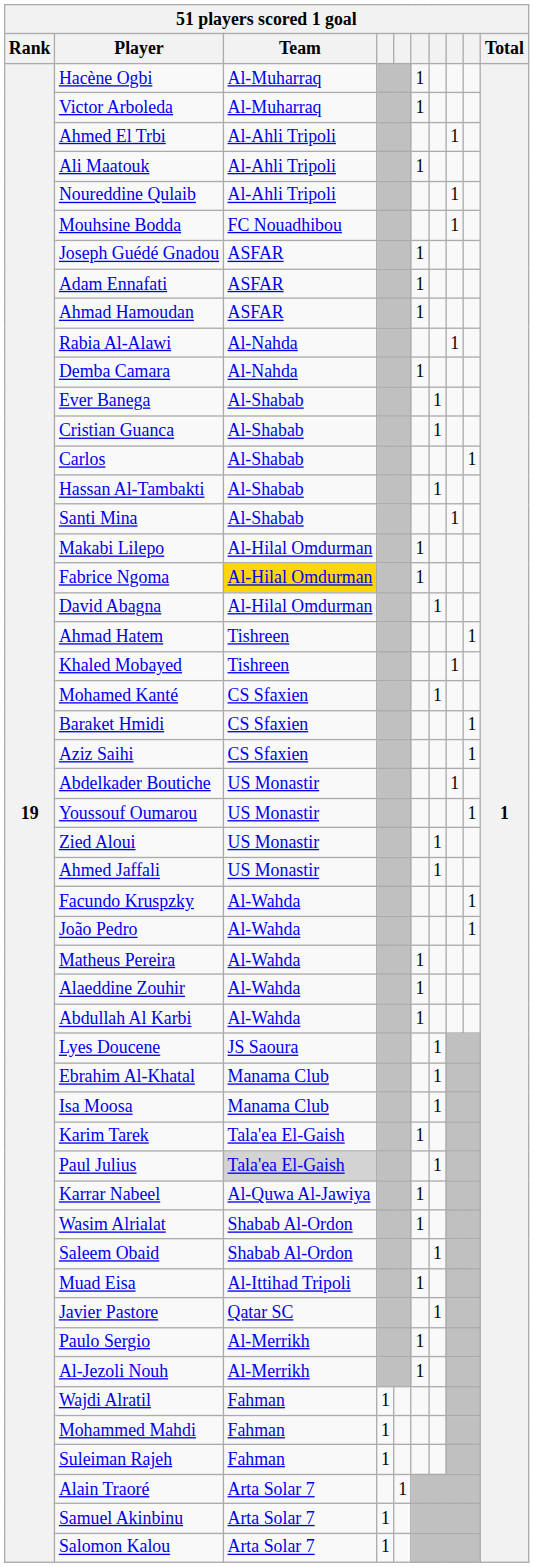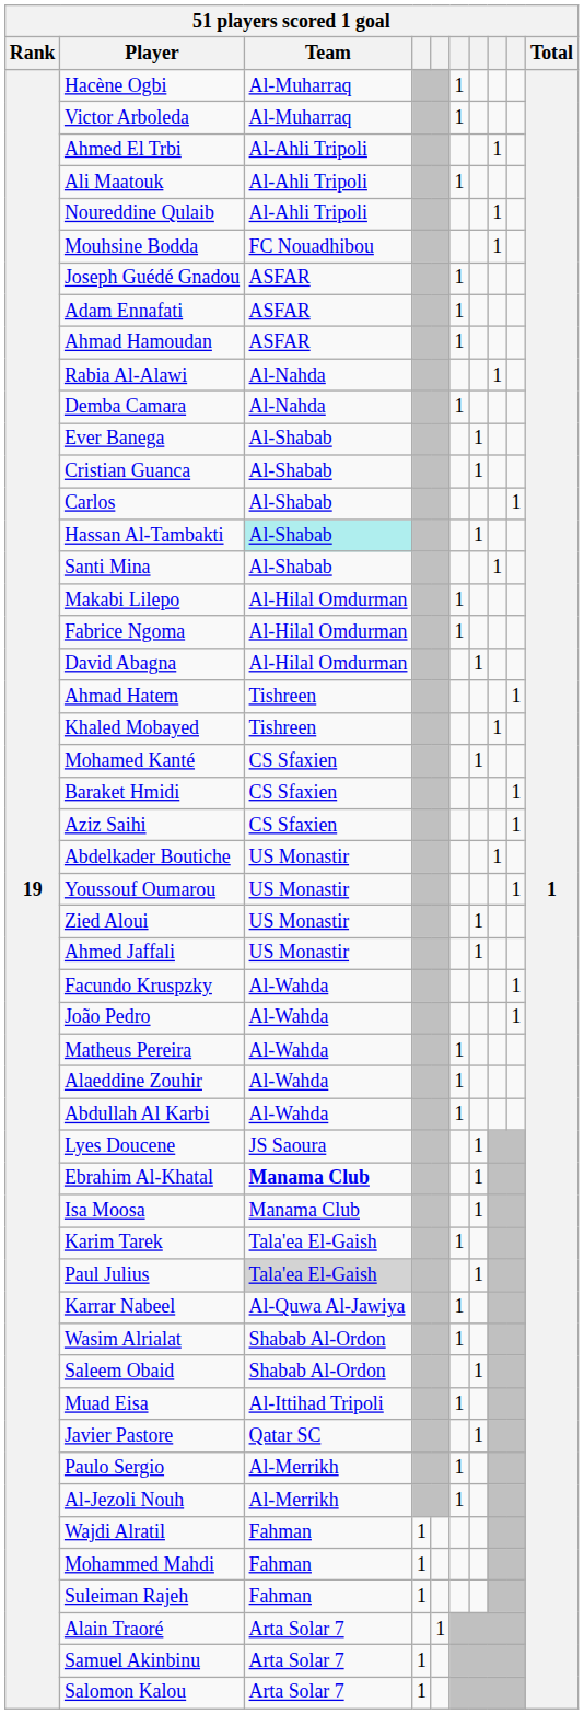 <table class="wikitable collapsible collapsed" style="text-align:center; font-size:85%">
 <tr>
 <th colspan=10>51 players scored 1 goal</th>
 </tr>
 <tr>
 <th>Rank</th>
 <th>Player</th>
 <th>Team</th>
 <th></th>
 <th></th>
 <th></th>
 <th></th>
 <th></th>
 <th></th>
 <th>Total</th>
 </tr>
 <tr>
 <th rowspan="51">19</th>
 <td align=left> <a href='#'>Hacène Ogbi</a></td>
 <td align=left> <a href='#'>Al-Muharraq</a></td>
 <td bgcolor="silver" colspan=2></td>
 <td>1</td>
 <td></td>
 <td></td>
 <td></td>
 <th rowspan="51">1</th>
 </tr>
 <tr>
 <td align=left> <a href='#'>Victor Arboleda</a></td>
 <td align=left> <a href='#'>Al-Muharraq</a></td>
 <td bgcolor="silver" colspan=2></td>
 <td>1</td>
 <td></td>
 <td></td>
 <td></td>
 </tr>
 <tr>
 <td align=left> <a href='#'>Ahmed El Trbi</a></td>
 <td align=left> <a href='#'>Al-Ahli Tripoli</a></td>
 <td bgcolor="silver" colspan=2></td>
 <td></td>
 <td></td>
 <td>1</td>
 <td></td>
 </tr>
 <tr>
 <td align=left> <a href='#'>Ali Maatouk</a></td>
 <td align=left> <a href='#'>Al-Ahli Tripoli</a></td>
 <td bgcolor="silver" colspan=2></td>
 <td>1</td>
 <td></td>
 <td></td>
 <td></td>
 </tr>
 <tr>
 <td align=left> <a href='#'>Noureddine Qulaib</a></td>
 <td align=left> <a href='#'>Al-Ahli Tripoli</a></td>
 <td bgcolor="silver" colspan=2></td>
 <td></td>
 <td></td>
 <td>1</td>
 <td></td>
 </tr>
 <tr>
 <td align=left> <a href='#'>Mouhsine Bodda</a></td>
 <td align=left> <a href='#'>FC Nouadhibou</a></td>
 <td bgcolor="silver" colspan=2></td>
 <td></td>
 <td></td>
 <td>1</td>
 <td></td>
 </tr>
 <tr>
 <td align=left> <a href='#'>Joseph Guédé Gnadou</a></td>
 <td align=left> <a href='#'>ASFAR</a></td>
 <td bgcolor="silver" colspan=2></td>
 <td>1</td>
 <td></td>
 <td></td>
 <td></td>
 </tr>
 <tr>
 <td align=left> <a href='#'>Adam Ennafati</a></td>
 <td align=left> <a href='#'>ASFAR</a></td>
 <td bgcolor="silver" colspan=2></td>
 <td>1</td>
 <td></td>
 <td></td>
 <td></td>
 </tr>
 <tr>
 <td align=left> <a href='#'>Ahmad Hamoudan</a></td>
 <td align=left> <a href='#'>ASFAR</a></td>
 <td bgcolor="silver" colspan=2></td>
 <td>1</td>
 <td></td>
 <td></td>
 <td></td>
 </tr>
 <tr>
 <td align=left> <a href='#'>Rabia Al-Alawi</a></td>
 <td align=left> <a href='#'>Al-Nahda</a></td>
 <td bgcolor="silver" colspan=2></td>
 <td></td>
 <td></td>
 <td>1</td>
 <td></td>
 </tr>
 <tr>
 <td align=left> <a href='#'>Demba Camara</a></td>
 <td align=left> <a href='#'>Al-Nahda</a></td>
 <td bgcolor="silver" colspan=2></td>
 <td>1</td>
 <td></td>
 <td></td>
 <td></td>
 </tr>
 <tr>
 <td align=left> <a href='#'>Ever Banega</a></td>
 <td align=left> <a href='#'>Al-Shabab</a></td>
 <td bgcolor="silver" colspan=2></td>
 <td></td>
 <td>1</td>
 <td></td>
 <td></td>
 </tr>
 <tr>
 <td align=left> <a href='#'>Cristian Guanca</a></td>
 <td align=left> <a href='#'>Al-Shabab</a></td>
 <td bgcolor="silver" colspan=2></td>
 <td></td>
 <td>1</td>
 <td></td>
 <td></td>
 </tr>
 <tr>
 <td align=left> <a href='#'>Carlos</a></td>
 <td align=left> <a href='#'>Al-Shabab</a></td>
 <td bgcolor="silver" colspan=2></td>
 <td></td>
 <td></td>
 <td></td>
 <td>1</td>
 </tr>
 <tr>
 <td align=left> <a href='#'>Hassan Al-Tambakti</a></td>
-<td align=left> <a href='#'>Al-Shabab</a></td>
+<td align=left style="background: paleturquoise;"> <a href='#'>Al-Shabab</a></td>
 <td bgcolor="silver" colspan=2></td>
 <td></td>
 <td>1</td>
 <td></td>
 <td></td>
 </tr>
 <tr>
 <td align=left> <a href='#'>Santi Mina</a></td>
 <td align=left> <a href='#'>Al-Shabab</a></td>
 <td bgcolor="silver" colspan=2></td>
 <td></td>
 <td></td>
 <td>1</td>
 <td></td>
 </tr>
 <tr>
 <td align=left> <a href='#'>Makabi Lilepo</a></td>
 <td align=left> <a href='#'>Al-Hilal Omdurman</a></td>
 <td bgcolor="silver" colspan=2></td>
 <td>1</td>
 <td></td>
 <td></td>
 <td></td>
 </tr>
 <tr>
 <td align=left> <a href='#'>Fabrice Ngoma</a></td>
-<td align=left style="background: gold;"> <a href='#'>Al-Hilal Omdurman</a></td>
+<td align=left> <a href='#'>Al-Hilal Omdurman</a></td>
 <td bgcolor="silver" colspan=2></td>
 <td>1</td>
 <td></td>
 <td></td>
 <td></td>
 </tr>
 <tr>
 <td align=left> <a href='#'>David Abagna</a></td>
 <td align=left> <a href='#'>Al-Hilal Omdurman</a></td>
 <td bgcolor="silver" colspan=2></td>
 <td></td>
 <td>1</td>
 <td></td>
 <td></td>
 </tr>
 <tr>
 <td align=left> <a href='#'>Ahmad Hatem</a></td>
 <td align=left> <a href='#'>Tishreen</a></td>
 <td bgcolor="silver" colspan=2></td>
 <td></td>
 <td></td>
 <td></td>
 <td>1</td>
 </tr>
 <tr>
 <td align=left> <a href='#'>Khaled Mobayed</a></td>
 <td align=left> <a href='#'>Tishreen</a></td>
 <td bgcolor="silver" colspan=2></td>
 <td></td>
 <td></td>
 <td>1</td>
 <td></td>
 </tr>
 <tr>
 <td align=left> <a href='#'>Mohamed Kanté</a></td>
 <td align=left> <a href='#'>CS Sfaxien</a></td>
 <td bgcolor="silver" colspan=2></td>
 <td></td>
 <td>1</td>
 <td></td>
 <td></td>
 </tr>
 <tr>
 <td align=left> <a href='#'>Baraket Hmidi</a></td>
 <td align=left> <a href='#'>CS Sfaxien</a></td>
 <td bgcolor="silver" colspan=2></td>
 <td></td>
 <td></td>
 <td></td>
 <td>1</td>
 </tr>
 <tr>
 <td align=left> <a href='#'>Aziz Saihi</a></td>
 <td align=left> <a href='#'>CS Sfaxien</a></td>
 <td bgcolor="silver" colspan=2></td>
 <td></td>
 <td></td>
 <td></td>
 <td>1</td>
 </tr>
 <tr>
 <td align=left> <a href='#'>Abdelkader Boutiche</a></td>
 <td align=left> <a href='#'>US Monastir</a></td>
 <td bgcolor="silver" colspan=2></td>
 <td></td>
 <td></td>
 <td>1</td>
 <td></td>
 </tr>
 <tr>
 <td align=left> <a href='#'>Youssouf Oumarou</a></td>
 <td align=left> <a href='#'>US Monastir</a></td>
 <td bgcolor="silver" colspan=2></td>
 <td></td>
 <td></td>
 <td></td>
 <td>1</td>
 </tr>
 <tr>
 <td align=left> <a href='#'>Zied Aloui</a></td>
 <td align=left> <a href='#'>US Monastir</a></td>
 <td bgcolor="silver" colspan=2></td>
 <td></td>
 <td>1</td>
 <td></td>
 <td></td>
 </tr>
 <tr>
 <td align=left> <a href='#'>Ahmed Jaffali</a></td>
 <td align=left> <a href='#'>US Monastir</a></td>
 <td bgcolor="silver" colspan=2></td>
 <td></td>
 <td>1</td>
 <td></td>
 <td></td>
 </tr>
 <tr>
 <td align=left> <a href='#'>Facundo Kruspzky</a></td>
 <td align=left> <a href='#'>Al-Wahda</a></td>
 <td bgcolor="silver" colspan=2></td>
 <td></td>
 <td></td>
 <td></td>
 <td>1</td>
 </tr>
 <tr>
 <td align=left> <a href='#'>João Pedro</a></td>
 <td align=left> <a href='#'>Al-Wahda</a></td>
 <td bgcolor="silver" colspan=2></td>
 <td></td>
 <td></td>
 <td></td>
 <td>1</td>
 </tr>
 <tr>
 <td align=left> <a href='#'>Matheus Pereira</a></td>
 <td align=left> <a href='#'>Al-Wahda</a></td>
 <td bgcolor="silver" colspan=2></td>
 <td>1</td>
 <td></td>
 <td></td>
 <td></td>
 </tr>
 <tr>
 <td align=left> <a href='#'>Alaeddine Zouhir</a></td>
 <td align=left> <a href='#'>Al-Wahda</a></td>
 <td bgcolor="silver" colspan=2></td>
 <td>1</td>
 <td></td>
 <td></td>
 <td></td>
 </tr>
 <tr>
 <td align=left> <a href='#'>Abdullah Al Karbi</a></td>
 <td align=left> <a href='#'>Al-Wahda</a></td>
 <td bgcolor="silver" colspan=2></td>
 <td>1</td>
 <td></td>
 <td></td>
 <td></td>
 </tr>
 <tr>
 <td align=left> <a href='#'>Lyes Doucene</a></td>
 <td align=left> <a href='#'>JS Saoura</a></td>
 <td bgcolor="silver" colspan=2></td>
 <td></td>
 <td>1</td>
 <td bgcolor="silver" colspan=2></td>
 </tr>
 <tr>
 <td align=left> <a href='#'>Ebrahim Al-Khatal</a></td>
-<td align=left> <a href='#'>Manama Club</a></td>
+<td align=left><strong> <a href='#'>Manama Club</a></strong></td>
 <td bgcolor="silver" colspan=2></td>
 <td></td>
 <td>1</td>
 <td bgcolor="silver" colspan=2></td>
 </tr>
 <tr>
 <td align=left> <a href='#'>Isa Moosa</a></td>
 <td align=left> <a href='#'>Manama Club</a></td>
 <td bgcolor="silver" colspan=2></td>
 <td></td>
 <td>1</td>
 <td bgcolor="silver" colspan=2></td>
 </tr>
 <tr>
 <td align=left> <a href='#'>Karim Tarek</a></td>
 <td align=left> <a href='#'> Tala'ea El-Gaish</a></td>
 <td bgcolor="silver" colspan=2></td>
 <td>1</td>
 <td></td>
 <td bgcolor="silver" colspan=2></td>
 </tr>
 <tr>
 <td align=left> <a href='#'>Paul Julius</a></td>
 <td align=left style="background: lightgrey;"> <a href='#'> Tala'ea El-Gaish</a></td>
 <td bgcolor="silver" colspan=2></td>
 <td></td>
 <td>1</td>
 <td bgcolor="silver" colspan=2></td>
 </tr>
 <tr>
 <td align=left> <a href='#'>Karrar Nabeel</a></td>
 <td align=left> <a href='#'>Al-Quwa Al-Jawiya</a></td>
 <td bgcolor="silver" colspan=2></td>
 <td>1</td>
 <td></td>
 <td bgcolor="silver" colspan=2></td>
 </tr>
 <tr>
 <td align=left> <a href='#'>Wasim Alrialat</a></td>
 <td align=left> <a href='#'>Shabab Al-Ordon</a></td>
 <td bgcolor="silver" colspan=2></td>
 <td>1</td>
 <td></td>
 <td bgcolor="silver" colspan=2></td>
 </tr>
 <tr>
 <td align=left> <a href='#'>Saleem Obaid</a></td>
 <td align=left> <a href='#'>Shabab Al-Ordon</a></td>
 <td bgcolor="silver" colspan=2></td>
 <td></td>
 <td>1</td>
 <td bgcolor="silver" colspan=2></td>
 </tr>
 <tr>
 <td align=left> <a href='#'>Muad Eisa</a></td>
 <td align=left> <a href='#'>Al-Ittihad Tripoli</a></td>
 <td bgcolor="silver" colspan=2></td>
 <td>1</td>
 <td></td>
 <td bgcolor="silver" colspan=2></td>
 </tr>
 <tr>
 <td align=left> <a href='#'>Javier Pastore</a></td>
 <td align=left> <a href='#'>Qatar SC</a></td>
 <td bgcolor="silver" colspan=2></td>
 <td></td>
 <td>1</td>
 <td bgcolor="silver" colspan=2></td>
 </tr>
 <tr>
 <td align=left> <a href='#'>Paulo Sergio</a></td>
 <td align=left> <a href='#'> Al-Merrikh</a></td>
 <td bgcolor="silver" colspan=2></td>
 <td>1</td>
 <td></td>
 <td bgcolor="silver" colspan=2></td>
 </tr>
 <tr>
 <td align=left> <a href='#'>Al-Jezoli Nouh</a></td>
 <td align=left> <a href='#'> Al-Merrikh</a></td>
 <td bgcolor="silver" colspan=2></td>
 <td>1</td>
 <td></td>
 <td bgcolor="silver" colspan=2></td>
 </tr>
 <tr>
 <td align=left> <a href='#'>Wajdi Alratil</a></td>
 <td align=left> <a href='#'>Fahman</a></td>
 <td>1</td>
 <td></td>
 <td></td>
 <td></td>
 <td bgcolor="silver" colspan=2></td>
 </tr>
 <tr>
 <td align=left> <a href='#'>Mohammed Mahdi</a></td>
 <td align=left> <a href='#'>Fahman</a></td>
 <td>1</td>
 <td></td>
 <td></td>
 <td></td>
 <td bgcolor="silver" colspan=2></td>
 </tr>
 <tr>
 <td align=left> <a href='#'>Suleiman Rajeh</a></td>
 <td align=left> <a href='#'>Fahman</a></td>
 <td>1</td>
 <td></td>
 <td></td>
 <td></td>
 <td bgcolor="silver" colspan=2></td>
 </tr>
 <tr>
 <td align=left> <a href='#'>Alain Traoré</a></td>
 <td align=left> <a href='#'>Arta Solar 7</a></td>
 <td></td>
 <td>1</td>
 <td bgcolor="silver" colspan=4></td>
 </tr>
 <tr>
 <td align=left> <a href='#'>Samuel Akinbinu</a></td>
 <td align=left> <a href='#'>Arta Solar 7</a></td>
 <td>1</td>
 <td></td>
 <td bgcolor="silver" colspan=4></td>
 </tr>
 <tr>
 <td align=left> <a href='#'>Salomon Kalou</a></td>
 <td align=left> <a href='#'>Arta Solar 7</a></td>
 <td>1</td>
 <td></td>
 <td bgcolor="silver" colspan=4></td>
 </tr>
 </table>
